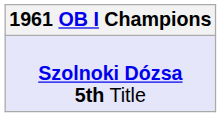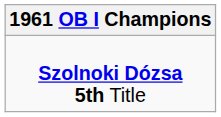 <table class="wikitable" style="text-align: center; margin: 0 auto;">
 <tr>
 <th>1961 <a href='#'>OB I</a> Champions</th>
 </tr>
 <tr>
-<td style="background: lavender;"><br><strong><a href='#'>Szolnoki Dózsa</a></strong><br><strong>5th</strong> Title</td>
+<td><br><strong><a href='#'>Szolnoki Dózsa</a></strong><br><strong>5th</strong> Title</td>
 </tr>
 </table>
